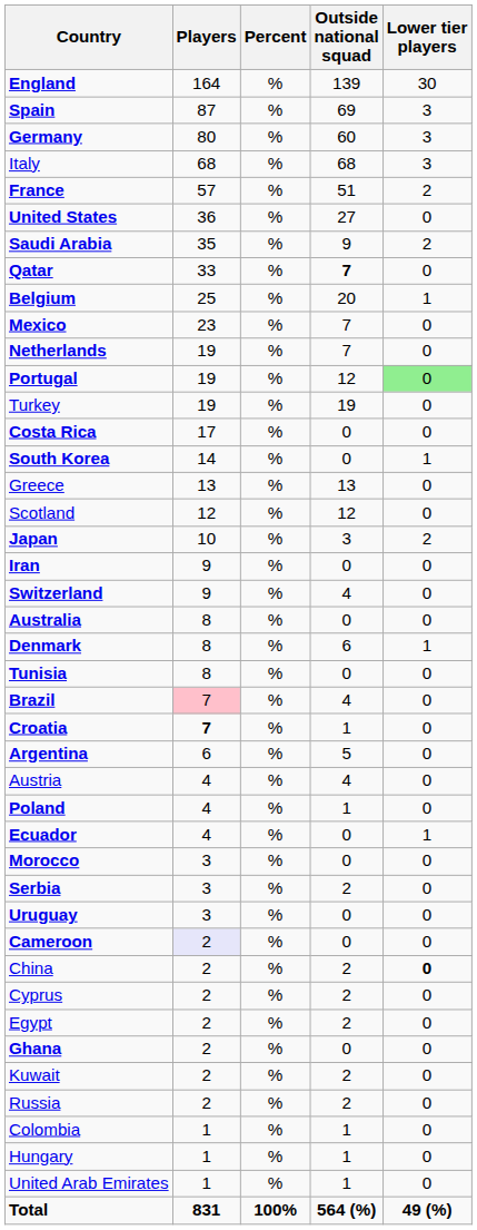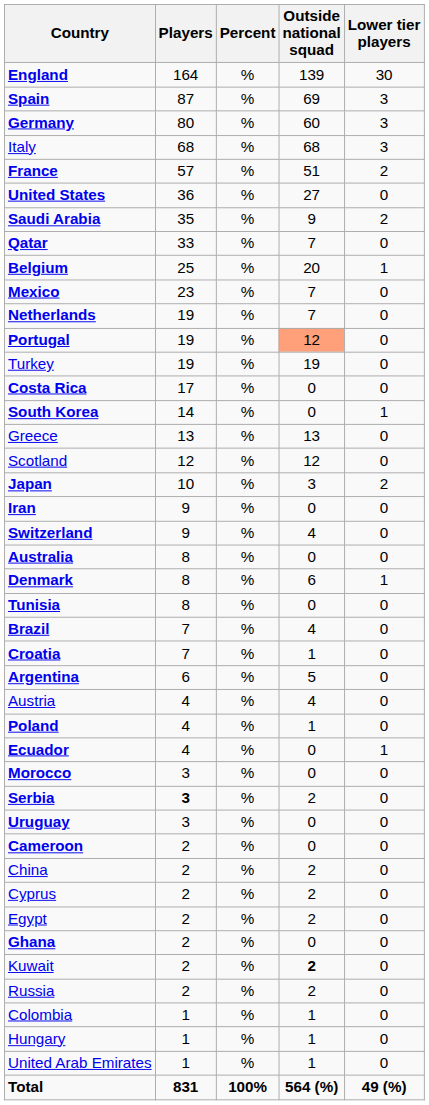 <table class="wikitable sortable">
 <tr>
 <th>Country</th>
 <th>Players</th>
 <th>Percent</th>
 <th>Outside<br>national<br>squad</th>
 <th>Lower tier <br> players</th>
 </tr>
 <tr>
 <td> <strong><a href='#'>England</a></strong></td>
 <td style="text-align:center">164</td>
 <td style="text-align:center">%</td>
 <td style="text-align:center">139</td>
 <td style="text-align:center">30</td>
 </tr>
 <tr>
 <td> <strong><a href='#'>Spain</a></strong></td>
 <td style="text-align:center">87</td>
 <td style="text-align:center">%</td>
 <td style="text-align:center">69</td>
 <td style="text-align:center">3</td>
 </tr>
 <tr>
 <td> <strong><a href='#'>Germany</a></strong></td>
 <td style="text-align:center">80</td>
 <td style="text-align:center">%</td>
 <td style="text-align:center">60</td>
 <td style="text-align:center">3</td>
 </tr>
 <tr>
 <td> <a href='#'>Italy</a></td>
 <td style="text-align:center">68</td>
 <td style="text-align:center">%</td>
 <td style="text-align:center">68</td>
 <td style="text-align:center">3</td>
 </tr>
 <tr>
 <td> <strong><a href='#'>France</a></strong></td>
 <td style="text-align:center">57</td>
 <td style="text-align:center">%</td>
 <td style="text-align:center">51</td>
 <td style="text-align:center">2</td>
 </tr>
 <tr>
 <td> <strong><a href='#'>United States</a></strong></td>
 <td style="text-align:center">36</td>
 <td style="text-align:center">%</td>
 <td style="text-align:center">27</td>
 <td style="text-align:center">0</td>
 </tr>
 <tr>
 <td> <strong><a href='#'>Saudi Arabia</a></strong></td>
 <td style="text-align:center">35</td>
 <td style="text-align:center">%</td>
 <td style="text-align:center">9</td>
 <td style="text-align:center">2</td>
 </tr>
 <tr>
 <td> <strong><a href='#'>Qatar</a></strong></td>
 <td style="text-align:center">33</td>
 <td style="text-align:center">%</td>
-<td style="text-align:center"><strong>7</strong></td>
+<td style="text-align:center">7</td>
 <td style="text-align:center">0</td>
 </tr>
 <tr>
 <td> <strong><a href='#'>Belgium</a></strong></td>
 <td style="text-align:center">25</td>
 <td style="text-align:center">%</td>
 <td style="text-align:center">20</td>
 <td style="text-align:center">1</td>
 </tr>
 <tr>
 <td> <strong><a href='#'>Mexico</a></strong></td>
 <td style="text-align:center">23</td>
 <td style="text-align:center">%</td>
 <td style="text-align:center">7</td>
 <td style="text-align:center">0</td>
 </tr>
 <tr>
 <td> <strong><a href='#'>Netherlands</a></strong></td>
 <td style="text-align:center">19</td>
 <td style="text-align:center">%</td>
 <td style="text-align:center">7</td>
 <td style="text-align:center">0</td>
 </tr>
 <tr>
 <td> <strong><a href='#'>Portugal</a></strong></td>
 <td style="text-align:center">19</td>
 <td style="text-align:center">%</td>
-<td style="text-align:center">12</td>
-<td style="background: lightgreen; text-align:center">0</td>
+<td style="background: lightsalmon; text-align:center">12</td>
+<td style="text-align:center">0</td>
 </tr>
 <tr>
 <td> <a href='#'>Turkey</a></td>
 <td style="text-align:center">19</td>
 <td style="text-align:center">%</td>
 <td style="text-align:center">19</td>
 <td style="text-align:center">0</td>
 </tr>
 <tr>
 <td> <strong><a href='#'>Costa Rica</a></strong></td>
 <td style="text-align:center">17</td>
 <td style="text-align:center">%</td>
 <td style="text-align:center">0</td>
 <td style="text-align:center">0</td>
 </tr>
 <tr>
 <td> <strong><a href='#'>South Korea</a></strong></td>
 <td style="text-align:center">14</td>
 <td style="text-align:center">%</td>
 <td style="text-align:center">0</td>
 <td style="text-align:center">1</td>
 </tr>
 <tr>
 <td> <a href='#'>Greece</a></td>
 <td style="text-align:center">13</td>
 <td style="text-align:center">%</td>
 <td style="text-align:center">13</td>
 <td style="text-align:center">0</td>
 </tr>
 <tr>
 <td> <a href='#'>Scotland</a></td>
 <td style="text-align:center">12</td>
 <td style="text-align:center">%</td>
 <td style="text-align:center">12</td>
 <td style="text-align:center">0</td>
 </tr>
 <tr>
 <td> <strong><a href='#'>Japan</a></strong></td>
 <td style="text-align:center">10</td>
 <td style="text-align:center">%</td>
 <td style="text-align:center">3</td>
 <td style="text-align:center">2</td>
 </tr>
 <tr>
 <td> <strong><a href='#'>Iran</a></strong></td>
 <td style="text-align:center">9</td>
 <td style="text-align:center">%</td>
 <td style="text-align:center">0</td>
 <td style="text-align:center">0</td>
 </tr>
 <tr>
 <td> <strong><a href='#'>Switzerland</a></strong></td>
 <td style="text-align:center">9</td>
 <td style="text-align:center">%</td>
 <td style="text-align:center">4</td>
 <td style="text-align:center">0</td>
 </tr>
 <tr>
 <td> <strong><a href='#'>Australia</a></strong></td>
 <td style="text-align:center">8</td>
 <td style="text-align:center">%</td>
 <td style="text-align:center">0</td>
 <td style="text-align:center">0</td>
 </tr>
 <tr>
 <td> <strong><a href='#'>Denmark</a></strong></td>
 <td style="text-align:center">8</td>
 <td style="text-align:center">%</td>
 <td style="text-align:center">6</td>
 <td style="text-align:center">1</td>
 </tr>
 <tr>
 <td> <strong><a href='#'>Tunisia</a></strong></td>
 <td style="text-align:center">8</td>
 <td style="text-align:center">%</td>
 <td style="text-align:center">0</td>
 <td style="text-align:center">0</td>
 </tr>
 <tr>
 <td> <strong><a href='#'>Brazil</a></strong></td>
-<td style="background: pink; text-align:center">7</td>
+<td style="text-align:center">7</td>
 <td style="text-align:center">%</td>
 <td style="text-align:center">4</td>
 <td style="text-align:center">0</td>
 </tr>
 <tr>
 <td> <strong><a href='#'>Croatia</a></strong></td>
-<td style="text-align:center"><strong>7</strong></td>
+<td style="text-align:center">7</td>
 <td style="text-align:center">%</td>
 <td style="text-align:center">1</td>
 <td style="text-align:center">0</td>
 </tr>
 <tr>
 <td> <strong><a href='#'>Argentina</a></strong></td>
 <td style="text-align:center">6</td>
 <td style="text-align:center">%</td>
 <td style="text-align:center">5</td>
 <td style="text-align:center">0</td>
 </tr>
 <tr>
 <td> <a href='#'>Austria</a></td>
 <td style="text-align:center">4</td>
 <td style="text-align:center">%</td>
 <td style="text-align:center">4</td>
 <td style="text-align:center">0</td>
 </tr>
 <tr>
 <td> <strong><a href='#'>Poland</a></strong></td>
 <td style="text-align:center">4</td>
 <td style="text-align:center">%</td>
 <td style="text-align:center">1</td>
 <td style="text-align:center">0</td>
 </tr>
 <tr>
 <td> <strong><a href='#'>Ecuador</a></strong></td>
 <td style="text-align:center">4</td>
 <td style="text-align:center">%</td>
 <td style="text-align:center">0</td>
 <td style="text-align:center">1</td>
 </tr>
 <tr>
 <td> <strong><a href='#'>Morocco</a></strong></td>
 <td style="text-align:center">3</td>
 <td style="text-align:center">%</td>
 <td style="text-align:center">0</td>
 <td style="text-align:center">0</td>
 </tr>
 <tr>
 <td> <strong><a href='#'>Serbia</a></strong></td>
-<td style="text-align:center">3</td>
+<td style="text-align:center"><strong>3</strong></td>
 <td style="text-align:center">%</td>
 <td style="text-align:center">2</td>
 <td style="text-align:center">0</td>
 </tr>
 <tr>
 <td> <strong><a href='#'>Uruguay</a></strong></td>
 <td style="text-align:center">3</td>
 <td style="text-align:center">%</td>
 <td style="text-align:center">0</td>
 <td style="text-align:center">0</td>
 </tr>
 <tr>
 <td> <strong><a href='#'>Cameroon</a></strong></td>
-<td style="background: lavender; text-align:center">2</td>
+<td style="text-align:center">2</td>
 <td style="text-align:center">%</td>
 <td style="text-align:center">0</td>
 <td style="text-align:center">0</td>
 </tr>
 <tr>
 <td> <a href='#'>China</a></td>
 <td style="text-align:center">2</td>
 <td style="text-align:center">%</td>
 <td style="text-align:center">2</td>
-<td style="text-align:center"><strong>0</strong></td>
+<td style="text-align:center">0</td>
 </tr>
 <tr>
 <td> <a href='#'>Cyprus</a></td>
 <td style="text-align:center">2</td>
 <td style="text-align:center">%</td>
 <td style="text-align:center">2</td>
 <td style="text-align:center">0</td>
 </tr>
 <tr>
 <td> <a href='#'>Egypt</a></td>
 <td style="text-align:center">2</td>
 <td style="text-align:center">%</td>
 <td style="text-align:center">2</td>
 <td style="text-align:center">0</td>
 </tr>
 <tr>
 <td> <strong><a href='#'>Ghana</a></strong></td>
 <td style="text-align:center">2</td>
 <td style="text-align:center">%</td>
 <td style="text-align:center">0</td>
 <td style="text-align:center">0</td>
 </tr>
 <tr>
 <td> <a href='#'>Kuwait</a></td>
 <td style="text-align:center">2</td>
 <td style="text-align:center">%</td>
-<td style="text-align:center">2</td>
+<td style="text-align:center"><strong>2</strong></td>
 <td style="text-align:center">0</td>
 </tr>
 <tr>
 <td> <a href='#'>Russia</a></td>
 <td style="text-align:center">2</td>
 <td style="text-align:center">%</td>
 <td style="text-align:center">2</td>
 <td style="text-align:center">0</td>
 </tr>
 <tr>
 <td> <a href='#'>Colombia</a></td>
 <td style="text-align:center">1</td>
 <td style="text-align:center">%</td>
 <td style="text-align:center">1</td>
 <td style="text-align:center">0</td>
 </tr>
 <tr>
 <td> <a href='#'>Hungary</a></td>
 <td style="text-align:center">1</td>
 <td style="text-align:center">%</td>
 <td style="text-align:center">1</td>
 <td style="text-align:center">0</td>
 </tr>
 <tr>
 <td> <a href='#'>United Arab Emirates</a></td>
 <td style="text-align:center">1</td>
 <td style="text-align:center">%</td>
 <td style="text-align:center">1</td>
 <td style="text-align:center">0</td>
 </tr>
 <tr>
 <td><strong>Total</strong></td>
 <td style="text-align:center"><strong>831</strong></td>
 <td style="text-align:center"><strong>100%</strong></td>
 <td style="text-align:center"><strong>564 <span>(%)</span></strong></td>
 <td style="text-align:center"><strong>49 <span>(%)</span></strong></td>
 </tr>
 </table>
